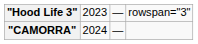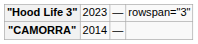 <table class="wikitable plainrowheaders" style="text-align:center;">
 <tr>
 <th scope="row">"Hood Life 3"<br></th>
 <td rowspan="1">2023</td>
 <td>—</td>
 <td>rowspan="3" </td>
 </tr>
 <tr>
 <th scope="row">"CAMORRA"<br></th>
-<td>2024</td>
+<td>2014</td>
 <td>—</td>
 </tr>
 </table>
